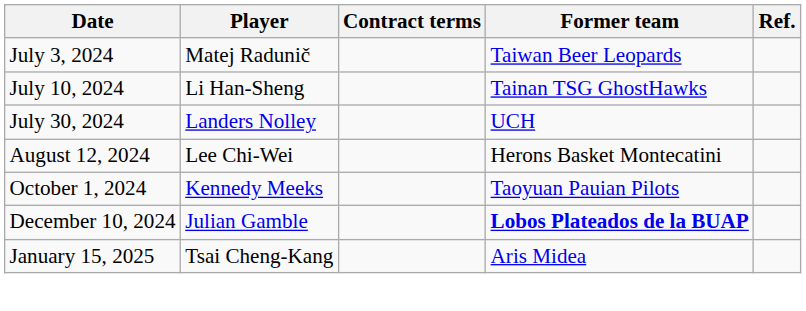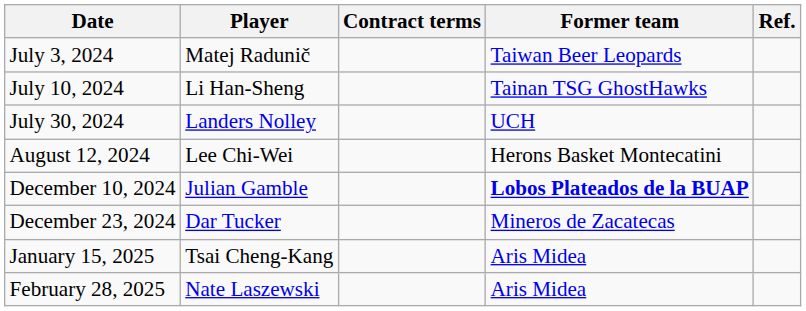 <table class="wikitable">
 <tr>
 <th>Date</th>
 <th>Player</th>
 <th>Contract terms</th>
 <th>Former team</th>
 <th>Ref.</th>
 </tr>
 <tr>
 <td>July 3, 2024</td>
 <td>Matej Radunič</td>
 <td></td>
 <td> <a href='#'>Taiwan Beer Leopards</a></td>
 <td></td>
 </tr>
 <tr>
 <td>July 10, 2024</td>
 <td>Li Han-Sheng</td>
 <td></td>
 <td> <a href='#'>Tainan TSG GhostHawks</a></td>
 <td></td>
 </tr>
 <tr>
 <td>July 30, 2024</td>
 <td><a href='#'>Landers Nolley</a></td>
 <td></td>
 <td> <a href='#'>UCH</a></td>
 <td></td>
 </tr>
 <tr>
 <td>August 12, 2024</td>
 <td>Lee Chi-Wei</td>
 <td></td>
 <td> Herons Basket Montecatini</td>
 <td></td>
 </tr>
 <tr>
-<td>October 1, 2024</td>
-<td><a href='#'>Kennedy Meeks</a></td>
-<td></td>
-<td> <a href='#'>Taoyuan Pauian Pilots</a></td>
-<td></td>
-</tr>
-<tr>
 <td>December 10, 2024</td>
 <td><a href='#'>Julian Gamble</a></td>
 <td></td>
 <td><strong> <a href='#'>Lobos Plateados de la BUAP</a></strong></td>
+<td></td>
+</tr>
+<tr>
+<td>December 23, 2024</td>
+<td><a href='#'>Dar Tucker</a></td>
+<td></td>
+<td> <a href='#'>Mineros de Zacatecas</a></td>
 <td></td>
 </tr>
 <tr>
 <td>January 15, 2025</td>
 <td>Tsai Cheng-Kang</td>
 <td></td>
 <td> <a href='#'>Aris Midea</a></td>
 <td></td>
 </tr>
+<tr>
+<td>February 28, 2025</td>
+<td><a href='#'>Nate Laszewski</a></td>
+<td></td>
+<td> <a href='#'>Aris Midea</a></td>
+<td></td>
+</tr>
 </table>
